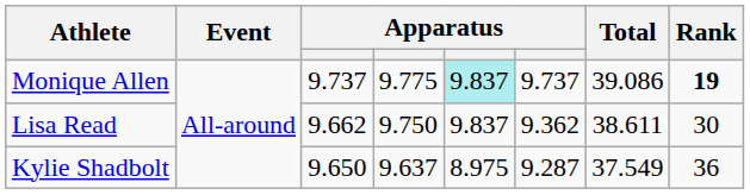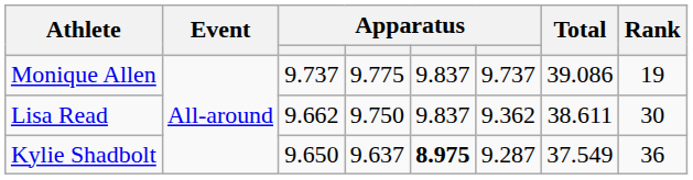 <table class="wikitable" style="font-size:90%">
 <tr>
 <th rowspan=2>Athlete</th>
 <th rowspan=2>Event</th>
 <th colspan=4>Apparatus</th>
 <th rowspan=2>Total</th>
 <th rowspan=2>Rank</th>
 </tr>
 <tr style="font-size:95%">
 <th></th>
 <th></th>
 <th></th>
 <th></th>
 </tr>
 <tr align=center>
 <td align=left><a href='#'>Monique Allen</a></td>
 <td align=left rowspan=3><a href='#'>All-around</a></td>
 <td>9.737</td>
 <td>9.775</td>
-<td style="background: paleturquoise;">9.837</td>
+<td>9.837</td>
 <td>9.737</td>
 <td>39.086</td>
-<td><strong>19</strong></td>
+<td>19</td>
 </tr>
 <tr align=center>
 <td align=left><a href='#'>Lisa Read</a></td>
 <td>9.662</td>
 <td>9.750</td>
 <td>9.837</td>
 <td>9.362</td>
 <td>38.611</td>
 <td>30</td>
 </tr>
 <tr align=center>
 <td align=left><a href='#'>Kylie Shadbolt</a></td>
 <td>9.650</td>
 <td>9.637</td>
-<td>8.975</td>
+<td><strong>8.975</strong></td>
 <td>9.287</td>
 <td>37.549</td>
 <td>36</td>
 </tr>
 </table>
